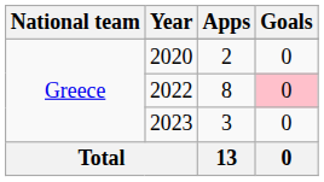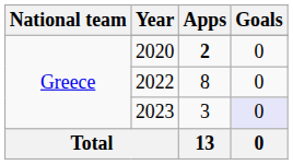 <table class="wikitable" style="text-align: center;">
 <tr>
 <th>National team</th>
 <th>Year</th>
 <th>Apps</th>
 <th>Goals</th>
 </tr>
 <tr>
 <td rowspan="4" valign="center"><a href='#'>Greece</a></td>
 </tr>
 <tr>
 <td>2020</td>
-<td>2</td>
+<td><strong>2</strong></td>
 <td>0</td>
 </tr>
 <tr>
 <td>2022</td>
 <td>8</td>
-<td style="background: pink;">0</td>
+<td>0</td>
 </tr>
 <tr>
 <td>2023</td>
 <td>3</td>
-<td>0</td>
+<td style="background: lavender;">0</td>
 </tr>
 <tr>
 <th colspan="2">Total</th>
 <th>13</th>
 <th>0</th>
 </tr>
 </table>
